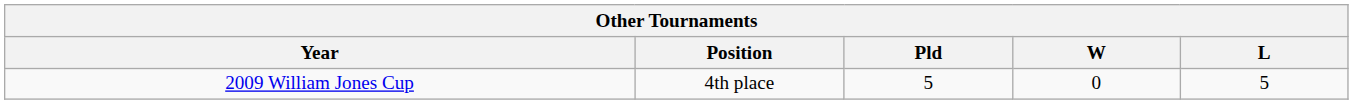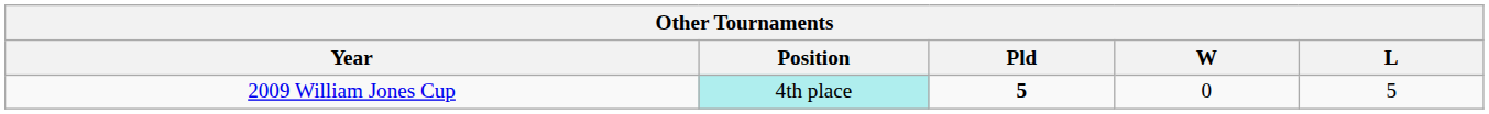 <table class="wikitable collapsible autocollapse" width=80% style="text-align: center;font-size:90%;">
 <tr>
 <th colspan=9>Other Tournaments</th>
 </tr>
 <tr>
 <th width=30%>Year</th>
 <th width=10%>Position</th>
 <th width=8%>Pld</th>
 <th width=8%>W</th>
 <th width=8%>L</th>
 </tr>
 <tr>
 <td> <a href='#'>2009 William Jones Cup</a></td>
-<td>4th place</td>
-<td>5</td>
+<td style="background: paleturquoise;">4th place</td>
+<td><strong>5</strong></td>
 <td>0</td>
 <td>5</td>
 </tr>
 </table>
